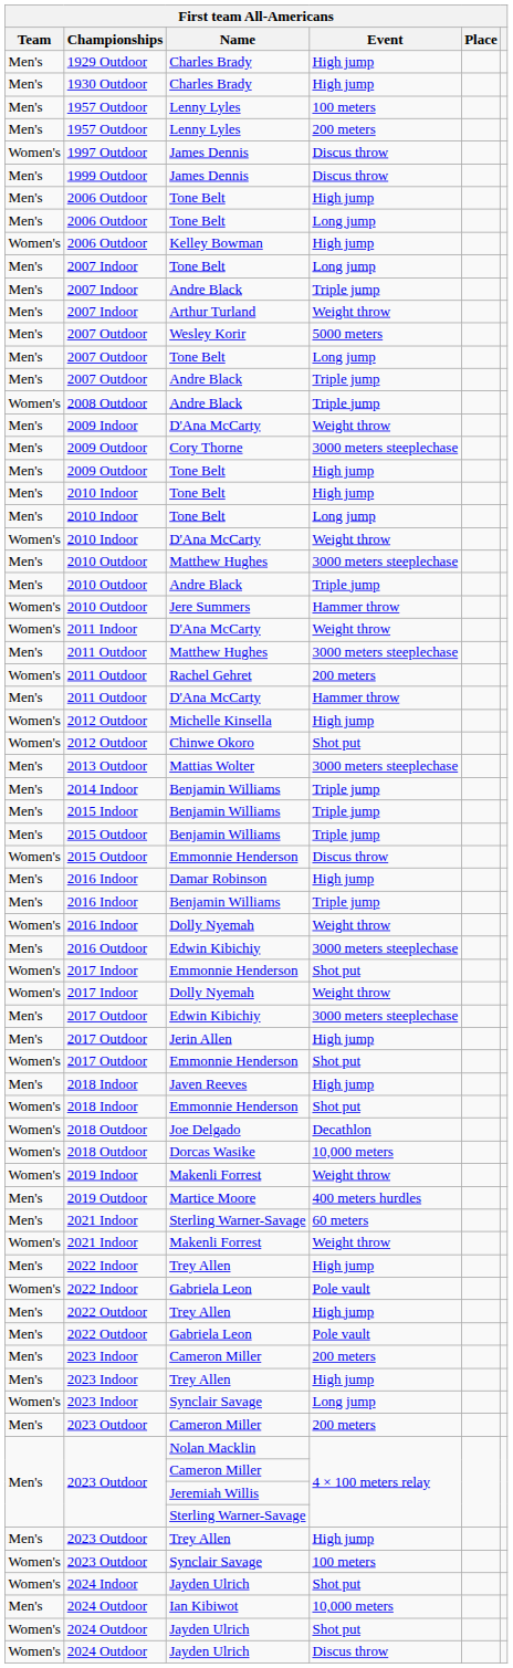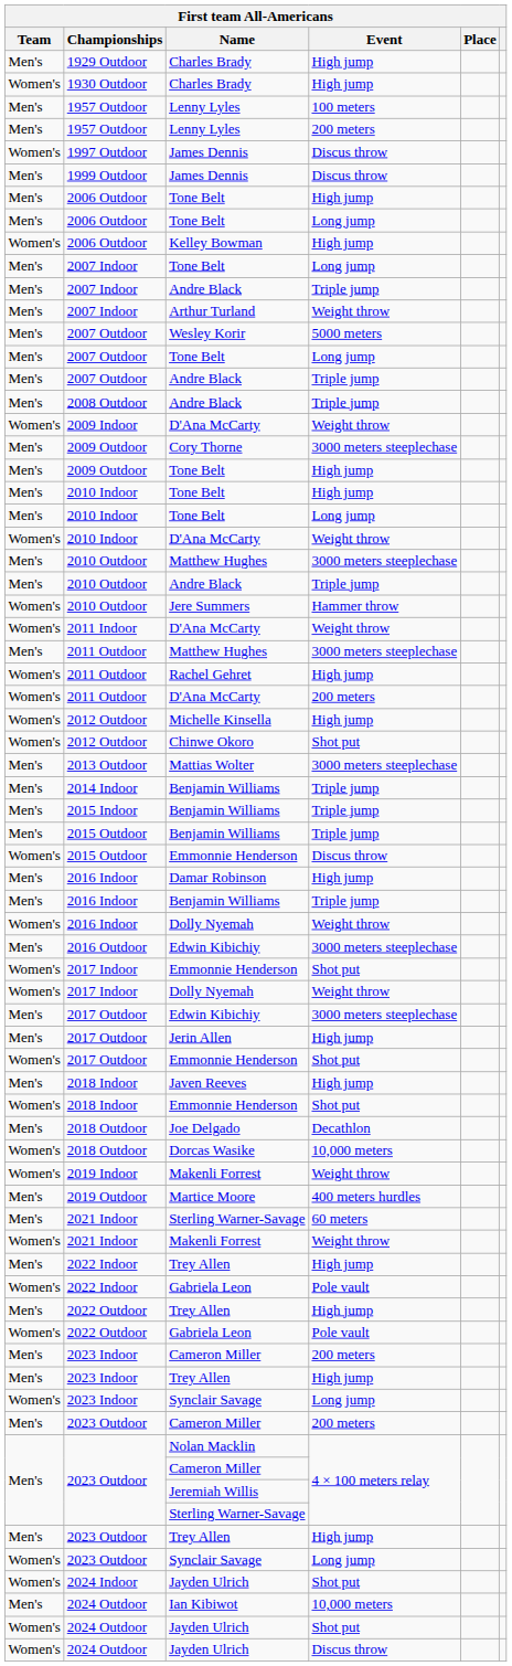 <table class="wikitable sortable">
 <tr>
 <th colspan="6">First team All-Americans</th>
 </tr>
 <tr>
 <th scope="col">Team</th>
 <th scope="col">Championships</th>
 <th scope="col">Name</th>
 <th scope="col">Event</th>
 <th scope="col">Place</th>
 <th scope="col"></th>
 </tr>
 <tr>
 <td>Men's</td>
 <td><a href='#'>1929 Outdoor</a></td>
 <td><a href='#'>Charles Brady</a></td>
 <td><a href='#'>High jump</a></td>
 <td></td>
 <td></td>
 </tr>
 <tr>
-<td>Men's</td>
+<td>Women's</td>
 <td><a href='#'>1930 Outdoor</a></td>
 <td><a href='#'>Charles Brady</a></td>
 <td><a href='#'>High jump</a></td>
 <td></td>
 <td></td>
 </tr>
 <tr>
 <td>Men's</td>
 <td><a href='#'>1957 Outdoor</a></td>
 <td><a href='#'>Lenny Lyles</a></td>
 <td><a href='#'>100 meters</a></td>
 <td></td>
 <td></td>
 </tr>
 <tr>
 <td>Men's</td>
 <td><a href='#'>1957 Outdoor</a></td>
 <td><a href='#'>Lenny Lyles</a></td>
 <td><a href='#'>200 meters</a></td>
 <td></td>
 <td></td>
 </tr>
 <tr>
 <td>Women's</td>
 <td><a href='#'>1997 Outdoor</a></td>
 <td><a href='#'>James Dennis</a></td>
 <td><a href='#'>Discus throw</a></td>
 <td></td>
 <td></td>
 </tr>
 <tr>
 <td>Men's</td>
 <td><a href='#'>1999 Outdoor</a></td>
 <td><a href='#'>James Dennis</a></td>
 <td><a href='#'>Discus throw</a></td>
 <td></td>
 <td></td>
 </tr>
 <tr>
 <td>Men's</td>
 <td><a href='#'>2006 Outdoor</a></td>
 <td><a href='#'>Tone Belt</a></td>
 <td><a href='#'>High jump</a></td>
 <td></td>
 <td></td>
 </tr>
 <tr>
 <td>Men's</td>
 <td><a href='#'>2006 Outdoor</a></td>
 <td><a href='#'>Tone Belt</a></td>
 <td><a href='#'>Long jump</a></td>
 <td></td>
 <td></td>
 </tr>
 <tr>
 <td>Women's</td>
 <td><a href='#'>2006 Outdoor</a></td>
 <td><a href='#'>Kelley Bowman</a></td>
 <td><a href='#'>High jump</a></td>
 <td></td>
 <td></td>
 </tr>
 <tr>
 <td>Men's</td>
 <td><a href='#'>2007 Indoor</a></td>
 <td><a href='#'>Tone Belt</a></td>
 <td><a href='#'>Long jump</a></td>
 <td></td>
 <td></td>
 </tr>
 <tr>
 <td>Men's</td>
 <td><a href='#'>2007 Indoor</a></td>
 <td><a href='#'>Andre Black</a></td>
 <td><a href='#'>Triple jump</a></td>
 <td></td>
 <td></td>
 </tr>
 <tr>
 <td>Men's</td>
 <td><a href='#'>2007 Indoor</a></td>
 <td><a href='#'>Arthur Turland</a></td>
 <td><a href='#'>Weight throw</a></td>
 <td></td>
 <td></td>
 </tr>
 <tr>
 <td>Men's</td>
 <td><a href='#'>2007 Outdoor</a></td>
 <td><a href='#'>Wesley Korir</a></td>
 <td><a href='#'>5000 meters</a></td>
 <td></td>
 <td></td>
 </tr>
 <tr>
 <td>Men's</td>
 <td><a href='#'>2007 Outdoor</a></td>
 <td><a href='#'>Tone Belt</a></td>
 <td><a href='#'>Long jump</a></td>
 <td></td>
 <td></td>
 </tr>
 <tr>
 <td>Men's</td>
 <td><a href='#'>2007 Outdoor</a></td>
 <td><a href='#'>Andre Black</a></td>
 <td><a href='#'>Triple jump</a></td>
 <td></td>
 <td></td>
 </tr>
 <tr>
-<td>Women's</td>
+<td>Men's</td>
 <td><a href='#'>2008 Outdoor</a></td>
 <td><a href='#'>Andre Black</a></td>
 <td><a href='#'>Triple jump</a></td>
 <td></td>
 <td></td>
 </tr>
 <tr>
-<td>Men's</td>
+<td>Women's</td>
 <td><a href='#'>2009 Indoor</a></td>
 <td><a href='#'>D'Ana McCarty</a></td>
 <td><a href='#'>Weight throw</a></td>
 <td></td>
 <td></td>
 </tr>
 <tr>
 <td>Men's</td>
 <td><a href='#'>2009 Outdoor</a></td>
 <td><a href='#'>Cory Thorne</a></td>
 <td><a href='#'>3000 meters steeplechase</a></td>
 <td></td>
 <td></td>
 </tr>
 <tr>
 <td>Men's</td>
 <td><a href='#'>2009 Outdoor</a></td>
 <td><a href='#'>Tone Belt</a></td>
 <td><a href='#'>High jump</a></td>
 <td></td>
 <td></td>
 </tr>
 <tr>
 <td>Men's</td>
 <td><a href='#'>2010 Indoor</a></td>
 <td><a href='#'>Tone Belt</a></td>
 <td><a href='#'>High jump</a></td>
 <td></td>
 <td></td>
 </tr>
 <tr>
 <td>Men's</td>
 <td><a href='#'>2010 Indoor</a></td>
 <td><a href='#'>Tone Belt</a></td>
 <td><a href='#'>Long jump</a></td>
 <td></td>
 <td></td>
 </tr>
 <tr>
 <td>Women's</td>
 <td><a href='#'>2010 Indoor</a></td>
 <td><a href='#'>D'Ana McCarty</a></td>
 <td><a href='#'>Weight throw</a></td>
 <td></td>
 <td></td>
 </tr>
 <tr>
 <td>Men's</td>
 <td><a href='#'>2010 Outdoor</a></td>
 <td><a href='#'>Matthew Hughes</a></td>
 <td><a href='#'>3000 meters steeplechase</a></td>
 <td></td>
 <td></td>
 </tr>
 <tr>
 <td>Men's</td>
 <td><a href='#'>2010 Outdoor</a></td>
 <td><a href='#'>Andre Black</a></td>
 <td><a href='#'>Triple jump</a></td>
 <td></td>
 <td></td>
 </tr>
 <tr>
 <td>Women's</td>
 <td><a href='#'>2010 Outdoor</a></td>
 <td><a href='#'>Jere Summers</a></td>
 <td><a href='#'>Hammer throw</a></td>
 <td></td>
 <td></td>
 </tr>
 <tr>
 <td>Women's</td>
 <td><a href='#'>2011 Indoor</a></td>
 <td><a href='#'>D'Ana McCarty</a></td>
 <td><a href='#'>Weight throw</a></td>
 <td></td>
 <td></td>
 </tr>
 <tr>
 <td>Men's</td>
 <td><a href='#'>2011 Outdoor</a></td>
 <td><a href='#'>Matthew Hughes</a></td>
 <td><a href='#'>3000 meters steeplechase</a></td>
 <td></td>
 <td></td>
 </tr>
 <tr>
 <td>Women's</td>
 <td><a href='#'>2011 Outdoor</a></td>
 <td><a href='#'>Rachel Gehret</a></td>
-<td><a href='#'>200 meters</a></td>
+<td><a href='#'>High jump</a></td>
 <td></td>
 <td></td>
 </tr>
 <tr>
-<td>Men's</td>
+<td>Women's</td>
 <td><a href='#'>2011 Outdoor</a></td>
 <td><a href='#'>D'Ana McCarty</a></td>
-<td><a href='#'>Hammer throw</a></td>
+<td><a href='#'>200 meters</a></td>
 <td></td>
 <td></td>
 </tr>
 <tr>
 <td>Women's</td>
 <td><a href='#'>2012 Outdoor</a></td>
 <td><a href='#'>Michelle Kinsella</a></td>
 <td><a href='#'>High jump</a></td>
 <td></td>
 <td></td>
 </tr>
 <tr>
 <td>Women's</td>
 <td><a href='#'>2012 Outdoor</a></td>
 <td><a href='#'>Chinwe Okoro</a></td>
 <td><a href='#'>Shot put</a></td>
 <td></td>
 <td></td>
 </tr>
 <tr>
 <td>Men's</td>
 <td><a href='#'>2013 Outdoor</a></td>
 <td><a href='#'>Mattias Wolter</a></td>
 <td><a href='#'>3000 meters steeplechase</a></td>
 <td></td>
 <td></td>
 </tr>
 <tr>
 <td>Men's</td>
 <td><a href='#'>2014 Indoor</a></td>
 <td><a href='#'>Benjamin Williams</a></td>
 <td><a href='#'>Triple jump</a></td>
 <td></td>
 <td></td>
 </tr>
 <tr>
 <td>Men's</td>
 <td><a href='#'>2015 Indoor</a></td>
 <td><a href='#'>Benjamin Williams</a></td>
 <td><a href='#'>Triple jump</a></td>
 <td></td>
 <td></td>
 </tr>
 <tr>
 <td>Men's</td>
 <td><a href='#'>2015 Outdoor</a></td>
 <td><a href='#'>Benjamin Williams</a></td>
 <td><a href='#'>Triple jump</a></td>
 <td></td>
 <td></td>
 </tr>
 <tr>
 <td>Women's</td>
 <td><a href='#'>2015 Outdoor</a></td>
 <td><a href='#'>Emmonnie Henderson</a></td>
 <td><a href='#'>Discus throw</a></td>
 <td></td>
 <td></td>
 </tr>
 <tr>
 <td>Men's</td>
 <td><a href='#'>2016 Indoor</a></td>
 <td><a href='#'>Damar Robinson</a></td>
 <td><a href='#'>High jump</a></td>
 <td></td>
 <td></td>
 </tr>
 <tr>
 <td>Men's</td>
 <td><a href='#'>2016 Indoor</a></td>
 <td><a href='#'>Benjamin Williams</a></td>
 <td><a href='#'>Triple jump</a></td>
 <td></td>
 <td></td>
 </tr>
 <tr>
 <td>Women's</td>
 <td><a href='#'>2016 Indoor</a></td>
 <td><a href='#'>Dolly Nyemah</a></td>
 <td><a href='#'>Weight throw</a></td>
 <td></td>
 <td></td>
 </tr>
 <tr>
 <td>Men's</td>
 <td><a href='#'>2016 Outdoor</a></td>
 <td><a href='#'>Edwin Kibichiy</a></td>
 <td><a href='#'>3000 meters steeplechase</a></td>
 <td></td>
 <td></td>
 </tr>
 <tr>
 <td>Women's</td>
 <td><a href='#'>2017 Indoor</a></td>
 <td><a href='#'>Emmonnie Henderson</a></td>
 <td><a href='#'>Shot put</a></td>
 <td></td>
 <td></td>
 </tr>
 <tr>
 <td>Women's</td>
 <td><a href='#'>2017 Indoor</a></td>
 <td><a href='#'>Dolly Nyemah</a></td>
 <td><a href='#'>Weight throw</a></td>
 <td></td>
 <td></td>
 </tr>
 <tr>
 <td>Men's</td>
 <td><a href='#'>2017 Outdoor</a></td>
 <td><a href='#'>Edwin Kibichiy</a></td>
 <td><a href='#'>3000 meters steeplechase</a></td>
 <td></td>
 <td></td>
 </tr>
 <tr>
 <td>Men's</td>
 <td><a href='#'>2017 Outdoor</a></td>
 <td><a href='#'>Jerin Allen</a></td>
 <td><a href='#'>High jump</a></td>
 <td></td>
 <td></td>
 </tr>
 <tr>
 <td>Women's</td>
 <td><a href='#'>2017 Outdoor</a></td>
 <td><a href='#'>Emmonnie Henderson</a></td>
 <td><a href='#'>Shot put</a></td>
 <td></td>
 <td></td>
 </tr>
 <tr>
 <td>Men's</td>
 <td><a href='#'>2018 Indoor</a></td>
 <td><a href='#'>Javen Reeves</a></td>
 <td><a href='#'>High jump</a></td>
 <td></td>
 <td></td>
 </tr>
 <tr>
 <td>Women's</td>
 <td><a href='#'>2018 Indoor</a></td>
 <td><a href='#'>Emmonnie Henderson</a></td>
 <td><a href='#'>Shot put</a></td>
 <td></td>
 <td></td>
 </tr>
 <tr>
-<td>Women's</td>
+<td>Men's</td>
 <td><a href='#'>2018 Outdoor</a></td>
 <td><a href='#'>Joe Delgado</a></td>
 <td><a href='#'>Decathlon</a></td>
 <td></td>
 <td></td>
 </tr>
 <tr>
 <td>Women's</td>
 <td><a href='#'>2018 Outdoor</a></td>
 <td><a href='#'>Dorcas Wasike</a></td>
 <td><a href='#'>10,000 meters</a></td>
 <td></td>
 <td></td>
 </tr>
 <tr>
 <td>Women's</td>
 <td><a href='#'>2019 Indoor</a></td>
 <td><a href='#'>Makenli Forrest</a></td>
 <td><a href='#'>Weight throw</a></td>
 <td></td>
 <td></td>
 </tr>
 <tr>
 <td>Men's</td>
 <td><a href='#'>2019 Outdoor</a></td>
 <td><a href='#'>Martice Moore</a></td>
 <td><a href='#'>400 meters hurdles</a></td>
 <td></td>
 <td></td>
 </tr>
 <tr>
 <td>Men's</td>
 <td><a href='#'>2021 Indoor</a></td>
 <td><a href='#'>Sterling Warner-Savage</a></td>
 <td><a href='#'>60 meters</a></td>
 <td></td>
 <td></td>
 </tr>
 <tr>
 <td>Women's</td>
 <td><a href='#'>2021 Indoor</a></td>
 <td><a href='#'>Makenli Forrest</a></td>
 <td><a href='#'>Weight throw</a></td>
 <td></td>
 <td></td>
 </tr>
 <tr>
 <td>Men's</td>
 <td><a href='#'>2022 Indoor</a></td>
 <td><a href='#'>Trey Allen</a></td>
 <td><a href='#'>High jump</a></td>
 <td></td>
 <td></td>
 </tr>
 <tr>
 <td>Women's</td>
 <td><a href='#'>2022 Indoor</a></td>
 <td><a href='#'>Gabriela Leon</a></td>
 <td><a href='#'>Pole vault</a></td>
 <td></td>
 <td></td>
 </tr>
 <tr>
 <td>Men's</td>
 <td><a href='#'>2022 Outdoor</a></td>
 <td><a href='#'>Trey Allen</a></td>
 <td><a href='#'>High jump</a></td>
 <td></td>
 <td></td>
 </tr>
 <tr>
-<td>Men's</td>
+<td>Women's</td>
 <td><a href='#'>2022 Outdoor</a></td>
 <td><a href='#'>Gabriela Leon</a></td>
 <td><a href='#'>Pole vault</a></td>
 <td></td>
 <td></td>
 </tr>
 <tr>
 <td>Men's</td>
 <td><a href='#'>2023 Indoor</a></td>
 <td><a href='#'>Cameron Miller</a></td>
 <td><a href='#'>200 meters</a></td>
 <td></td>
 <td></td>
 </tr>
 <tr>
 <td>Men's</td>
 <td><a href='#'>2023 Indoor</a></td>
 <td><a href='#'>Trey Allen</a></td>
 <td><a href='#'>High jump</a></td>
 <td></td>
 <td></td>
 </tr>
 <tr>
 <td>Women's</td>
 <td><a href='#'>2023 Indoor</a></td>
 <td><a href='#'>Synclair Savage</a></td>
 <td><a href='#'>Long jump</a></td>
 <td></td>
 <td></td>
 </tr>
 <tr>
 <td>Men's</td>
 <td><a href='#'>2023 Outdoor</a></td>
 <td><a href='#'>Cameron Miller</a></td>
 <td><a href='#'>200 meters</a></td>
 <td></td>
 <td></td>
 </tr>
 <tr>
 <td rowspan=4>Men's</td>
 <td rowspan=4><a href='#'>2023 Outdoor</a></td>
 <td><a href='#'>Nolan Macklin</a></td>
 <td rowspan=4><a href='#'>4 × 100 meters relay</a></td>
 <td rowspan=4></td>
 <td rowspan=4></td>
 </tr>
 <tr>
 <td><a href='#'>Cameron Miller</a></td>
 </tr>
 <tr>
 <td><a href='#'>Jeremiah Willis</a></td>
 </tr>
 <tr>
 <td><a href='#'>Sterling Warner-Savage</a></td>
 </tr>
 <tr>
 <td>Men's</td>
 <td><a href='#'>2023 Outdoor</a></td>
 <td><a href='#'>Trey Allen</a></td>
 <td><a href='#'>High jump</a></td>
 <td></td>
 <td></td>
 </tr>
 <tr>
 <td>Women's</td>
 <td><a href='#'>2023 Outdoor</a></td>
 <td><a href='#'>Synclair Savage</a></td>
-<td><a href='#'>100 meters</a></td>
+<td><a href='#'>Long jump</a></td>
 <td></td>
 <td></td>
 </tr>
 <tr>
 <td>Women's</td>
 <td><a href='#'>2024 Indoor</a></td>
 <td><a href='#'>Jayden Ulrich</a></td>
 <td><a href='#'>Shot put</a></td>
 <td></td>
 <td></td>
 </tr>
 <tr>
 <td>Men's</td>
 <td><a href='#'>2024 Outdoor</a></td>
 <td><a href='#'>Ian Kibiwot</a></td>
 <td><a href='#'>10,000 meters</a></td>
 <td></td>
 <td></td>
 </tr>
 <tr>
 <td>Women's</td>
 <td><a href='#'>2024 Outdoor</a></td>
 <td><a href='#'>Jayden Ulrich</a></td>
 <td><a href='#'>Shot put</a></td>
 <td></td>
 <td></td>
 </tr>
 <tr>
 <td>Women's</td>
 <td><a href='#'>2024 Outdoor</a></td>
 <td><a href='#'>Jayden Ulrich</a></td>
 <td><a href='#'>Discus throw</a></td>
 <td></td>
 <td></td>
 </tr>
 </table>
